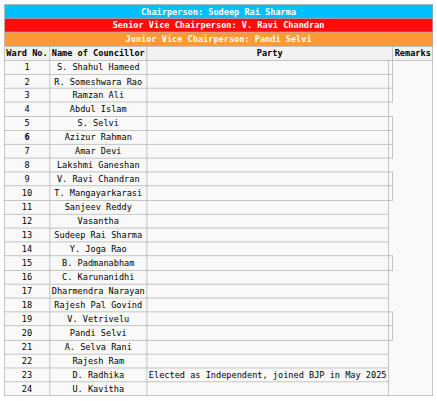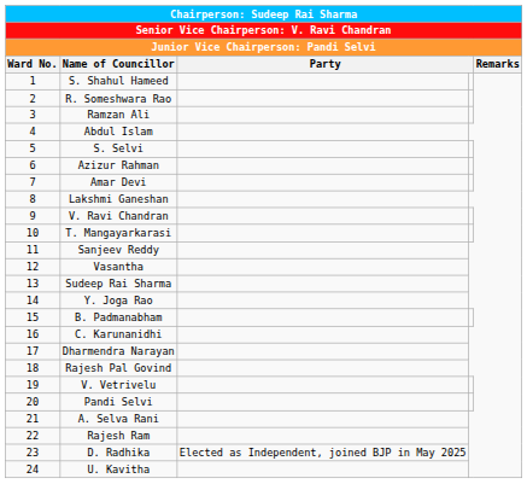 <table class="wikitable sortable" style="text-align:center;">
 <tr>
 <th style="background-color:#00BFFF; color:white" coLspan=5><strong>Chairperson: Sudeep Rai Sharma</strong></th>
 </tr>
 <tr>
 <th style="background-color:#FF0D0D; color:white" colspan=5><strong>Senior Vice Chairperson: V. Ravi Chandran</strong></th>
 </tr>
 <tr>
 <th style="background-color:#FF9933; color:white" colspan=5><strong>Junior Vice Chairperson: Pandi Selvi</strong></th>
 </tr>
 <tr>
 <th>Ward No.</th>
 <th>Name of Councillor</th>
 <th colspan="2">Party</th>
 <th>Remarks</th>
 </tr>
 <tr>
 <td>1</td>
 <td>S. Shahul Hameed</td>
 <td></td>
 <td></td>
 </tr>
 <tr>
 <td>2</td>
 <td>R. Someshwara Rao</td>
 <td></td>
 <td></td>
 </tr>
 <tr>
 <td>3</td>
 <td>Ramzan Ali</td>
 <td></td>
 <td></td>
 </tr>
 <tr>
 <td>4</td>
 <td>Abdul Islam</td>
 <td></td>
 </tr>
 <tr>
 <td>5</td>
 <td>S. Selvi</td>
 <td></td>
 <td></td>
 </tr>
 <tr>
-<td><strong>6</strong></td>
+<td>6</td>
 <td>Azizur Rahman</td>
 <td></td>
 <td></td>
 </tr>
 <tr>
 <td>7</td>
 <td>Amar Devi</td>
 <td></td>
 <td></td>
 </tr>
 <tr>
 <td>8</td>
 <td>Lakshmi Ganeshan</td>
 <td></td>
 </tr>
 <tr>
 <td>9</td>
 <td>V. Ravi Chandran</td>
 <td></td>
 <td></td>
 </tr>
 <tr>
 <td>10</td>
 <td>T. Mangayarkarasi</td>
 <td></td>
 <td></td>
 </tr>
 <tr>
 <td>11</td>
 <td>Sanjeev Reddy</td>
 <td></td>
 </tr>
 <tr>
 <td>12</td>
 <td>Vasantha</td>
 <td></td>
 </tr>
 <tr>
 <td>13</td>
 <td>Sudeep Rai Sharma</td>
 <td></td>
 </tr>
 <tr>
 <td>14</td>
 <td>Y. Joga Rao</td>
 <td></td>
 </tr>
 <tr>
 <td>15</td>
 <td>B. Padmanabham</td>
 <td></td>
 <td></td>
 </tr>
 <tr>
 <td>16</td>
 <td>C. Karunanidhi</td>
 <td></td>
 </tr>
 <tr>
 <td>17</td>
 <td>Dharmendra Narayan</td>
 <td></td>
 </tr>
 <tr>
 <td>18</td>
 <td>Rajesh Pal Govind</td>
 <td></td>
 </tr>
 <tr>
 <td>19</td>
 <td>V. Vetrivelu</td>
 <td></td>
 <td></td>
 </tr>
 <tr>
 <td>20</td>
 <td>Pandi Selvi</td>
 <td></td>
 <td></td>
 </tr>
 <tr>
 <td>21</td>
 <td>A. Selva Rani</td>
 <td></td>
 </tr>
 <tr>
 <td>22</td>
 <td>Rajesh Ram</td>
 <td></td>
 </tr>
 <tr>
 <td>23</td>
 <td>D. Radhika</td>
 <td>Elected as Independent, joined BJP in May 2025</td>
 </tr>
 <tr>
 <td>24</td>
 <td>U. Kavitha</td>
 <td></td>
 </tr>
 </table>
